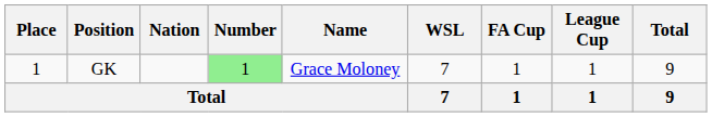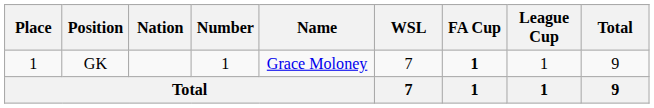 <table class="wikitable" style="font-size: 95%; text-align: center;">
 <tr>
 <th width=60>Place</th>
 <th width=60>Position</th>
 <th width=60>Nation</th>
 <th width=60>Number</th>
 <th width=150>Name</th>
 <th width=80>WSL</th>
 <th width=80>FA Cup</th>
 <th width=80>League Cup</th>
 <th width=80>Total</th>
 </tr>
 <tr>
 <td>1</td>
 <td>GK</td>
 <td></td>
-<td style="background: lightgreen;">1</td>
+<td>1</td>
 <td><a href='#'>Grace Moloney</a></td>
 <td>7</td>
-<td>1</td>
+<td><strong>1</strong></td>
 <td>1</td>
 <td>9</td>
 </tr>
 <tr>
 <th colspan=5>Total</th>
 <th>7</th>
 <th>1</th>
 <th>1</th>
 <th>9</th>
 </tr>
 </table>
